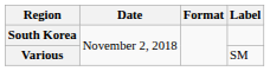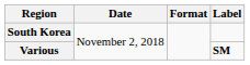 <table class="wikitable plainrowheaders">
 <tr>
 <th scope="col">Region</th>
 <th scope="col">Date</th>
 <th scope="col">Format</th>
 <th scope="col">Label</th>
 </tr>
 <tr>
 <th scope="row">South Korea</th>
 <td rowspan="2">November 2, 2018</td>
 <td rowspan="2"></td>
 <td></td>
 </tr>
 <tr>
 <th scope="row">Various</th>
-<td>SM</td>
+<td><strong>SM</strong></td>
 </tr>
 </table>
